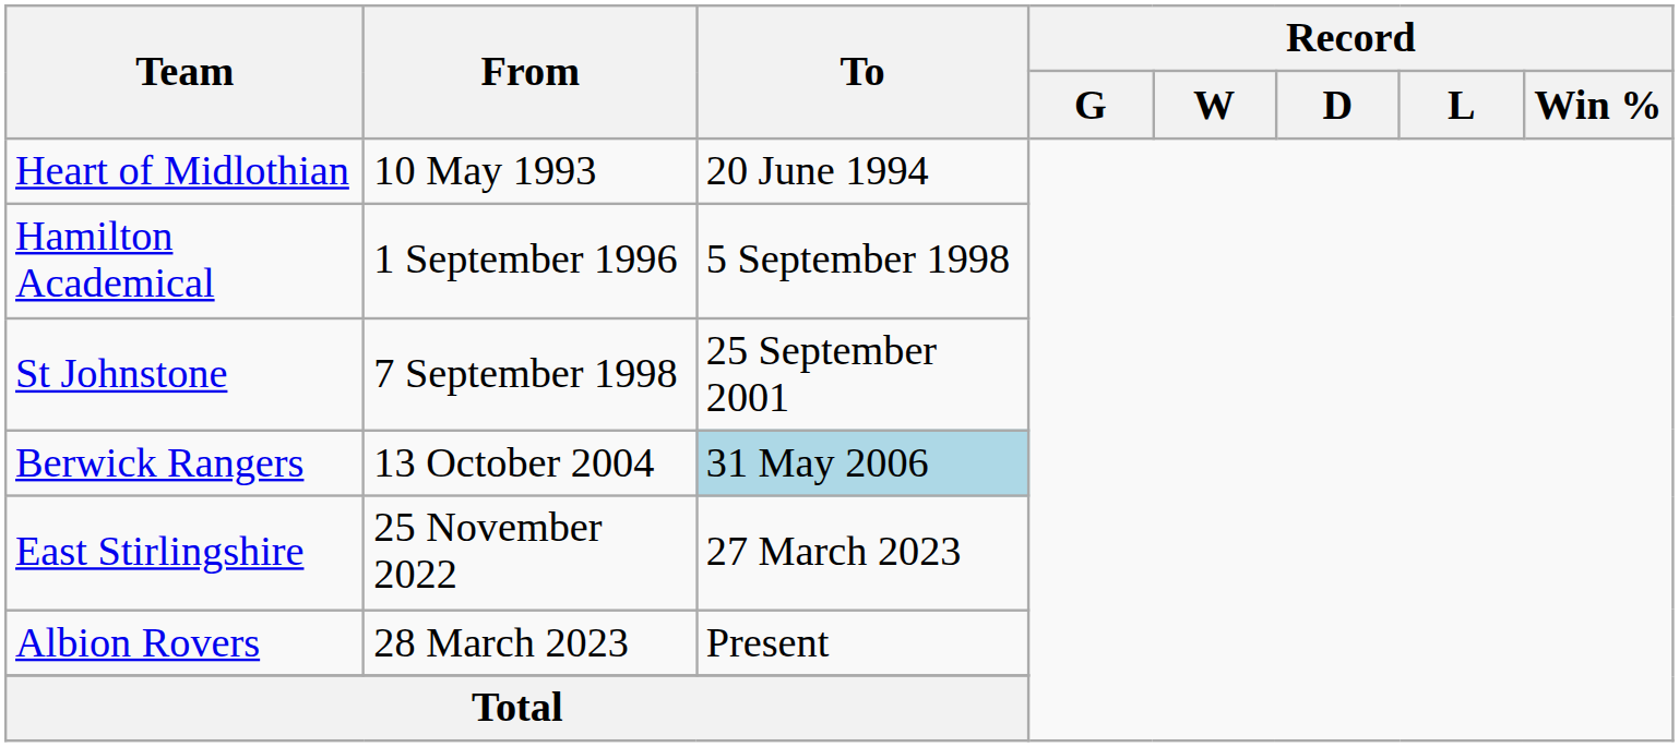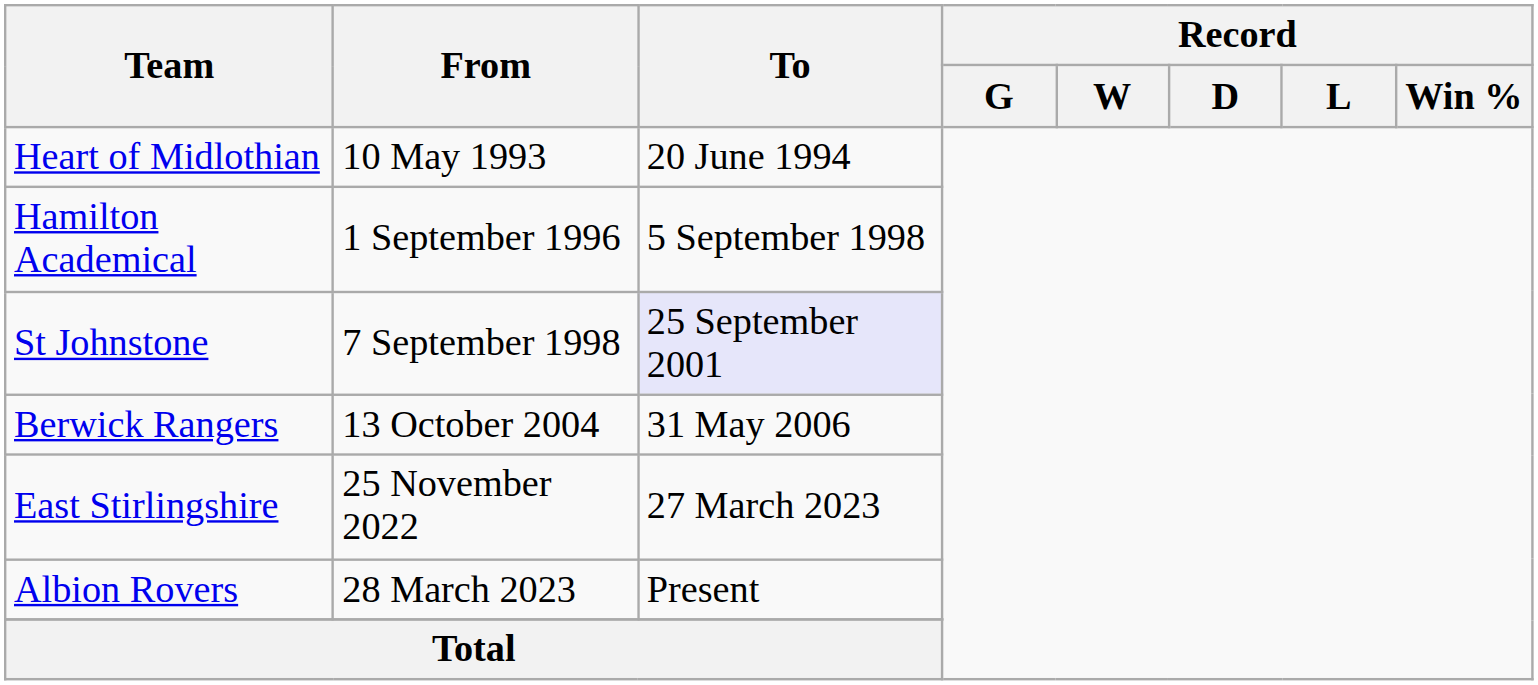 <table class="wikitable" style="text-align: center">
 <tr>
 <th rowspan="2!" style="width:130px;">Team</th>
 <th rowspan="2!" style="width:120px;">From</th>
 <th rowspan="2!" style="width:120px;">To</th>
 <th colspan=5>Record</th>
 </tr>
 <tr>
 <th width=40>G</th>
 <th width=40>W</th>
 <th width=40>D</th>
 <th width=40>L</th>
 <th width=50>Win %</th>
 </tr>
 <tr>
 <td align=left><a href='#'>Heart of Midlothian</a></td>
 <td align=left>10 May 1993</td>
 <td align=left>20 June 1994<br></td>
 </tr>
 <tr>
 <td align=left><a href='#'>Hamilton Academical</a></td>
 <td align=left>1 September 1996</td>
 <td align=left>5 September 1998<br></td>
 </tr>
 <tr>
 <td align=left><a href='#'>St Johnstone</a></td>
 <td align=left>7 September 1998</td>
-<td align=left>25 September 2001<br></td>
+<td align=left style="background: lavender;">25 September 2001<br></td>
 </tr>
 <tr>
 <td align=left><a href='#'>Berwick Rangers</a></td>
 <td align=left>13 October 2004</td>
-<td align=left style="background: lightblue;">31 May 2006<br></td>
+<td align=left>31 May 2006<br></td>
 </tr>
 <tr>
 <td align=left><a href='#'>East Stirlingshire</a></td>
 <td align=left>25 November 2022</td>
 <td align=left>27 March 2023<br></td>
 </tr>
 <tr>
 <td align=left><a href='#'>Albion Rovers</a></td>
 <td align=left>28 March 2023</td>
 <td align=left>Present<br></td>
 </tr>
 <tr>
 </tr>
 <tr>
 <th colspan=3>Total<br></th>
 </tr>
 </table>
